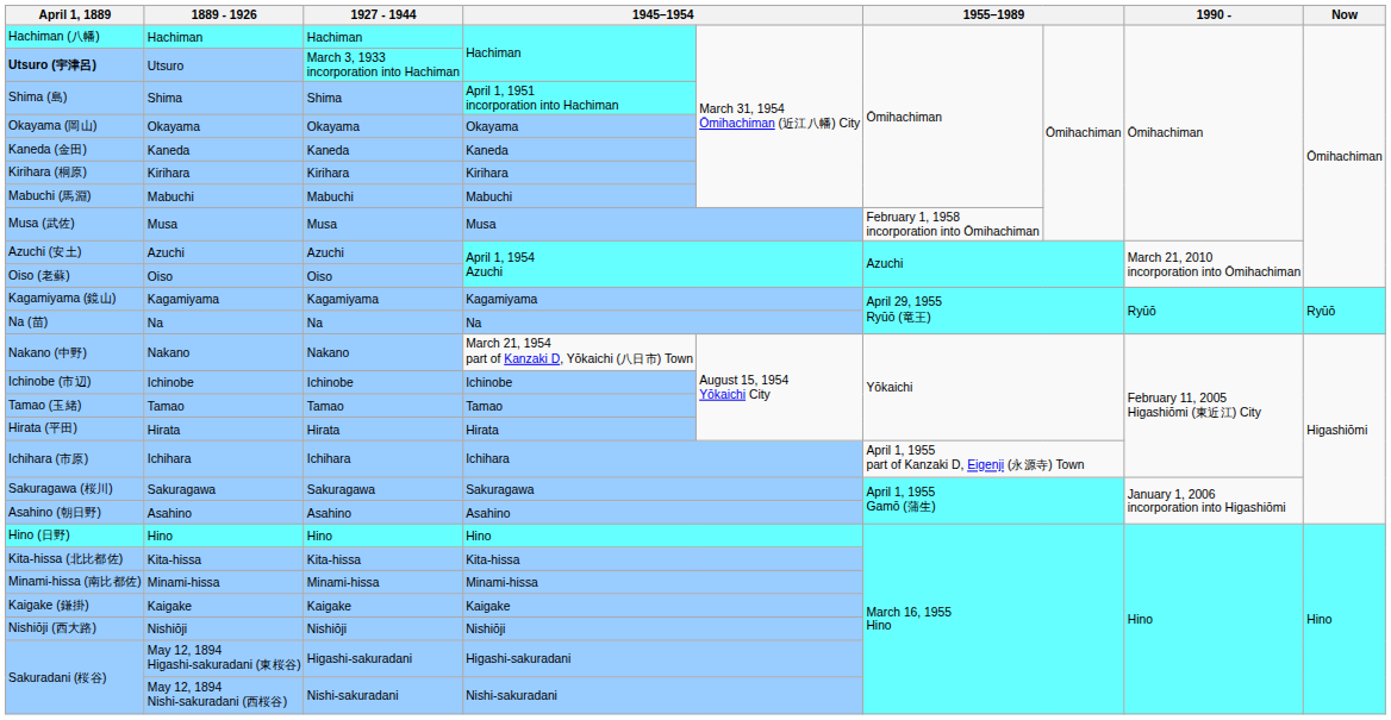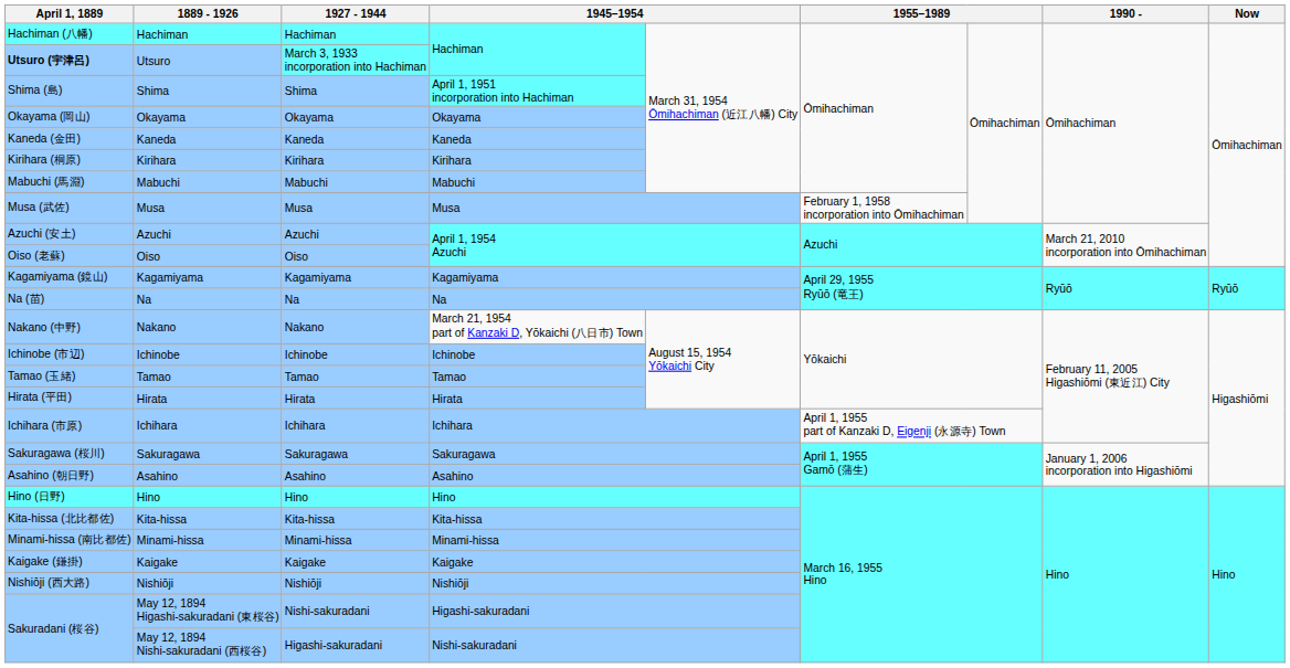 <table class="wikitable" style="font-size:x-small">
 <tr>
 <th>April 1, 1889</th>
 <th>1889 - 1926</th>
 <th>1927 - 1944</th>
 <th colspan="2">1945–1954</th>
 <th colspan="2">1955–1989</th>
 <th>1990 -</th>
 <th>Now</th>
 </tr>
 <tr>
 <td style="background-color:#6ff;">Hachiman (八幡)</td>
 <td style="background-color:#6ff;">Hachiman</td>
 <td style="background-color:#6ff;">Hachiman</td>
 <td rowspan="2" style="background-color:#6ff;">Hachiman</td>
 <td rowspan="7">March 31, 1954<br><a href='#'>Ōmihachiman</a> (近江八幡) City</td>
 <td rowspan="7">Ōmihachiman</td>
 <td rowspan="8">Ōmihachiman</td>
 <td rowspan="8">Ōmihachiman</td>
 <td rowspan="10">Ōmihachiman</td>
 </tr>
 <tr>
 <td style="background-color:#9cf;"><strong>Utsuro (宇津呂)</strong></td>
 <td style="background-color:#9cf;">Utsuro</td>
 <td style="background-color:#6ff;">March 3, 1933<br>incorporation into Hachiman</td>
 </tr>
 <tr>
 <td style="background-color:#9cf;">Shima (島)</td>
 <td style="background-color:#9cf;">Shima</td>
 <td style="background-color:#9cf;">Shima</td>
 <td style="background-color:#6ff;">April 1, 1951<br>incorporation into Hachiman</td>
 </tr>
 <tr>
 <td style="background-color:#9cf;">Okayama (岡山)</td>
 <td style="background-color:#9cf;">Okayama</td>
 <td style="background-color:#9cf;">Okayama</td>
 <td style="background-color:#9cf;">Okayama</td>
 </tr>
 <tr>
 <td style="background-color:#9cf;">Kaneda (金田)</td>
 <td style="background-color:#9cf;">Kaneda</td>
 <td style="background-color:#9cf;">Kaneda</td>
 <td style="background-color:#9cf;">Kaneda</td>
 </tr>
 <tr>
 <td style="background-color:#9cf;">Kirihara (桐原)</td>
 <td style="background-color:#9cf;">Kirihara</td>
 <td style="background-color:#9cf;">Kirihara</td>
 <td style="background-color:#9cf;">Kirihara</td>
 </tr>
 <tr>
 <td style="background-color:#9cf;">Mabuchi (馬淵)</td>
 <td style="background-color:#9cf;">Mabuchi</td>
 <td style="background-color:#9cf;">Mabuchi</td>
 <td style="background-color:#9cf;">Mabuchi</td>
 </tr>
 <tr>
 <td style="background-color:#9cf;">Musa (武佐)</td>
 <td style="background-color:#9cf;">Musa</td>
 <td style="background-color:#9cf;">Musa</td>
 <td colspan="2" style="background-color:#9cf;">Musa</td>
 <td>February 1, 1958<br>incorporation into Ōmihachiman</td>
 </tr>
 <tr>
 <td style="background-color:#9cf;">Azuchi (安土)</td>
 <td style="background-color:#9cf;">Azuchi</td>
 <td style="background-color:#9cf;">Azuchi</td>
 <td rowspan="2" colspan="2" style="background-color:#6ff;">April 1, 1954<br>Azuchi</td>
 <td rowspan="2" colspan="2" style="background-color:#6ff;">Azuchi</td>
 <td rowspan="2">March 21, 2010<br>incorporation into Ōmihachiman</td>
 </tr>
 <tr>
 <td style="background-color:#9cf;">Oiso (老蘇)</td>
 <td style="background-color:#9cf;">Oiso</td>
 <td style="background-color:#9cf;">Oiso</td>
 </tr>
 <tr>
 <td style="background-color:#9cf;">Kagamiyama (鏡山)</td>
 <td style="background-color:#9cf;">Kagamiyama</td>
 <td style="background-color:#9cf;">Kagamiyama</td>
 <td colspan="2" style="background-color:#9cf;">Kagamiyama</td>
 <td rowspan="2" colspan="2" style="background-color:#6ff;">April 29, 1955<br>Ryūō (竜王)</td>
 <td rowspan="2" style="background-color:#6ff;">Ryūō</td>
 <td rowspan="2" style="background-color:#6ff;">Ryūō</td>
 </tr>
 <tr>
 <td style="background-color:#9cf;">Na (苗)</td>
 <td style="background-color:#9cf;">Na</td>
 <td style="background-color:#9cf;">Na</td>
 <td colspan="2" style="background-color:#9cf;">Na</td>
 </tr>
 <tr>
 <td style="background-color:#9cf;">Nakano (中野)</td>
 <td style="background-color:#9cf;">Nakano</td>
 <td style="background-color:#9cf;">Nakano</td>
 <td>March 21, 1954<br>part of <a href='#'>Kanzaki D</a>, Yōkaichi (八日市) Town</td>
 <td rowspan="4">August 15, 1954<br><a href='#'>Yōkaichi</a> City</td>
 <td rowspan="4" colspan="2">Yōkaichi</td>
 <td rowspan="5">February 11, 2005<br>Higashiōmi (東近江) City</td>
 <td rowspan="7">Higashiōmi</td>
 </tr>
 <tr>
 <td style="background-color:#9cf;">Ichinobe (市辺)</td>
 <td style="background-color:#9cf;">Ichinobe</td>
 <td style="background-color:#9cf;">Ichinobe</td>
 <td style="background-color:#9cf;">Ichinobe</td>
 </tr>
 <tr>
 <td style="background-color:#9cf;">Tamao (玉緒)</td>
 <td style="background-color:#9cf;">Tamao</td>
 <td style="background-color:#9cf;">Tamao</td>
 <td style="background-color:#9cf;">Tamao</td>
 </tr>
 <tr>
 <td style="background-color:#9cf;">Hirata (平田)</td>
 <td style="background-color:#9cf;">Hirata</td>
 <td style="background-color:#9cf;">Hirata</td>
 <td style="background-color:#9cf;">Hirata</td>
 </tr>
 <tr>
 <td style="background-color:#9cf;">Ichihara (市原)</td>
 <td style="background-color:#9cf;">Ichihara</td>
 <td style="background-color:#9cf;">Ichihara</td>
 <td colspan="2" style="background-color:#9cf;">Ichihara</td>
 <td colspan="2">April 1, 1955<br>part of Kanzaki D, <a href='#'>Eigenji</a> (永源寺) Town</td>
 </tr>
 <tr>
 <td style="background-color:#9cf;">Sakuragawa (桜川)</td>
 <td style="background-color:#9cf;">Sakuragawa</td>
 <td style="background-color:#9cf;">Sakuragawa</td>
 <td colspan="2" style="background-color:#9cf;">Sakuragawa</td>
 <td rowspan="2" colspan="2" style="background-color:#6ff;">April 1, 1955<br>Gamō (蒲生)</td>
 <td rowspan="2">January 1, 2006<br>incorporation into Higashiōmi</td>
 </tr>
 <tr>
 <td style="background-color:#9cf;">Asahino (朝日野)</td>
 <td style="background-color:#9cf;">Asahino</td>
 <td style="background-color:#9cf;">Asahino</td>
 <td colspan="2" style="background-color:#9cf;">Asahino</td>
 </tr>
 <tr>
 <td style="background-color:#6ff;">Hino (日野)</td>
 <td style="background-color:#6ff;">Hino</td>
 <td style="background-color:#6ff;">Hino</td>
 <td colspan="2" style="background-color:#6ff;">Hino</td>
 <td rowspan="7" colspan="2" style="background-color:#6ff;">March 16, 1955<br>Hino</td>
 <td rowspan="7" style="background-color:#6ff;">Hino</td>
 <td rowspan="7" style="background-color:#6ff;">Hino</td>
 </tr>
 <tr>
 <td style="background-color:#9cf;">Kita-hissa (北比都佐)</td>
 <td style="background-color:#9cf;">Kita-hissa</td>
 <td style="background-color:#9cf;">Kita-hissa</td>
 <td colspan="2" style="background-color:#9cf;">Kita-hissa</td>
 </tr>
 <tr>
 <td style="background-color:#9cf;">Minami-hissa (南比都佐)</td>
 <td style="background-color:#9cf;">Minami-hissa</td>
 <td style="background-color:#9cf;">Minami-hissa</td>
 <td colspan="2" style="background-color:#9cf;">Minami-hissa</td>
 </tr>
 <tr>
 <td style="background-color:#9cf;">Kaigake (鎌掛)</td>
 <td style="background-color:#9cf;">Kaigake</td>
 <td style="background-color:#9cf;">Kaigake</td>
 <td colspan="2" style="background-color:#9cf;">Kaigake</td>
 </tr>
 <tr>
 <td style="background-color:#9cf;">Nishiōji (西大路)</td>
 <td style="background-color:#9cf;">Nishiōji</td>
 <td style="background-color:#9cf;">Nishiōji</td>
 <td colspan="2" style="background-color:#9cf;">Nishiōji</td>
 </tr>
 <tr>
 <td rowspan="2" style="background-color:#9cf;">Sakuradani (桜谷)</td>
 <td style="background-color:#9cf;">May 12, 1894<br>Higashi-sakuradani (東桜谷)</td>
-<td style="background-color:#9cf;">Higashi-sakuradani</td>
+<td style="background-color:#9cf;">Nishi-sakuradani</td>
 <td colspan="2" style="background-color:#9cf;">Higashi-sakuradani</td>
 </tr>
 <tr>
 <td style="background-color:#9cf;">May 12, 1894<br>Nishi-sakuradani (西桜谷)</td>
-<td style="background-color:#9cf;">Nishi-sakuradani</td>
+<td style="background-color:#9cf;">Higashi-sakuradani</td>
 <td colspan="2" style="background-color:#9cf;">Nishi-sakuradani</td>
 </tr>
 </table>
